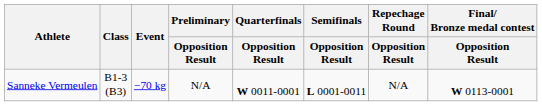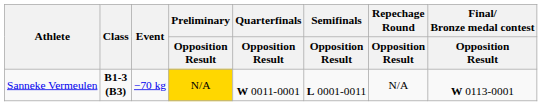 <table class="wikitable" style="font-size:90%">
 <tr>
 <th rowspan="2">Athlete</th>
 <th rowspan="2">Class</th>
 <th rowspan="2">Event</th>
 <th>Preliminary</th>
 <th>Quarterfinals</th>
 <th>Semifinals</th>
 <th>Repechage <br>Round</th>
 <th>Final/<br>Bronze medal contest</th>
 </tr>
 <tr>
 <th>Opposition<br>Result</th>
 <th>Opposition<br>Result</th>
 <th>Opposition<br>Result</th>
 <th>Opposition<br>Result</th>
 <th>Opposition<br>Result</th>
 </tr>
 <tr>
 <td><a href='#'>Sanneke Vermeulen</a></td>
-<td align="center">B1-3<br>(B3)</td>
+<td align="center"><strong>B1-3<br>(B3)</strong></td>
 <td align="center"><a href='#'>−70 kg</a></td>
-<td align="center">N/A</td>
+<td align="center" style="background: gold;">N/A</td>
 <td align="center"><br> <strong>W</strong> 0011-0001</td>
 <td align="center"><br> <strong>L</strong> 0001-0011</td>
 <td align="center">N/A</td>
 <td align="center"><br> <strong>W</strong> 0113-0001 </td>
 </tr>
 </table>
